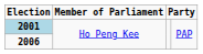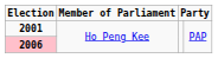 <table class="wikitable" align="center" style="text-align:center">
 <tr>
 <td><strong>Election </strong></td>
 <td><strong>Member of Parliament</strong></td>
 <td colspan="2"><strong>Party</strong></td>
 </tr>
 <tr>
-<td style="background: lightblue;"><strong>2001</strong></td>
+<td><strong>2001</strong></td>
 <td rowspan="2"><a href='#'>Ho Peng Kee</a></td>
 <td rowspan="2"></td>
 <td rowspan="2"><a href='#'>PAP</a></td>
 </tr>
 <tr>
-<td><strong>2006</strong></td>
+<td style="background: pink;"><strong>2006</strong></td>
 </tr>
 </table>
